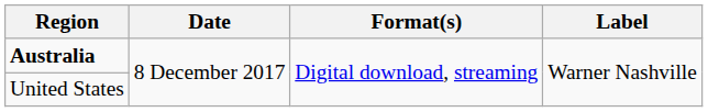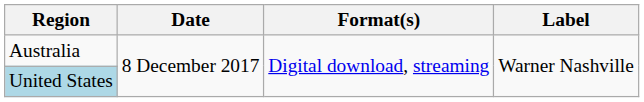 <table class="wikitable plainrowheaders">
 <tr>
 <th scope="col">Region</th>
 <th scope="col">Date</th>
 <th scope="col">Format(s)</th>
 <th scope="col">Label</th>
 </tr>
 <tr>
-<td><strong>Australia</strong></td>
+<td>Australia</td>
 <td rowspan="2">8 December 2017</td>
 <td rowspan="2"><a href='#'>Digital download</a>, <a href='#'>streaming</a></td>
 <td rowspan="2">Warner Nashville</td>
 </tr>
 <tr>
-<td>United States</td>
+<td style="background: lightblue;">United States</td>
 </tr>
 </table>
